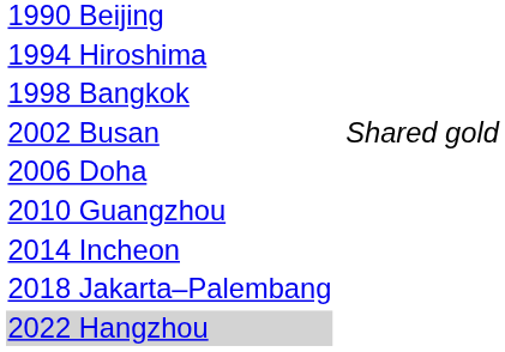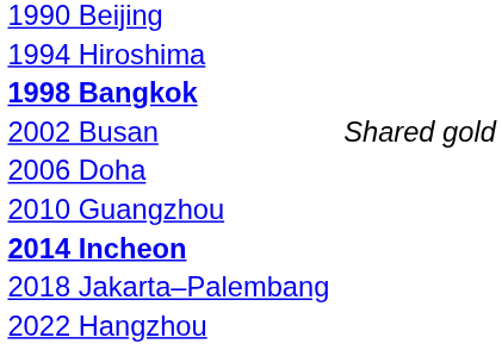 <table>
 <tr>
 <td><a href='#'>1990 Beijing</a></td>
 <td></td>
 <td></td>
 <td></td>
 </tr>
 <tr>
 <td><a href='#'>1994 Hiroshima</a></td>
 <td></td>
 <td></td>
 <td></td>
 </tr>
 <tr>
-<td><a href='#'>1998 Bangkok</a></td>
+<td><strong><a href='#'>1998 Bangkok</a></strong></td>
 <td></td>
 <td></td>
 <td></td>
 </tr>
 <tr>
 <td rowspan=2><a href='#'>2002 Busan</a></td>
 <td></td>
 <td rowspan=2><em>Shared gold</em></td>
 <td rowspan=2></td>
 </tr>
 <tr>
 <td></td>
 </tr>
 <tr>
 <td><a href='#'>2006 Doha</a></td>
 <td></td>
 <td></td>
 <td></td>
 </tr>
 <tr>
 <td><a href='#'>2010 Guangzhou</a></td>
 <td></td>
 <td></td>
 <td></td>
 </tr>
 <tr>
-<td><a href='#'>2014 Incheon</a></td>
+<td><strong><a href='#'>2014 Incheon</a></strong></td>
 <td></td>
 <td></td>
 <td></td>
 </tr>
 <tr>
 <td><a href='#'>2018 Jakarta–Palembang</a></td>
 <td></td>
 <td></td>
 <td></td>
 </tr>
 <tr>
-<td style="background: lightgrey;"><a href='#'>2022 Hangzhou</a></td>
+<td><a href='#'>2022 Hangzhou</a></td>
 <td></td>
 <td></td>
 <td></td>
 </tr>
 </table>
